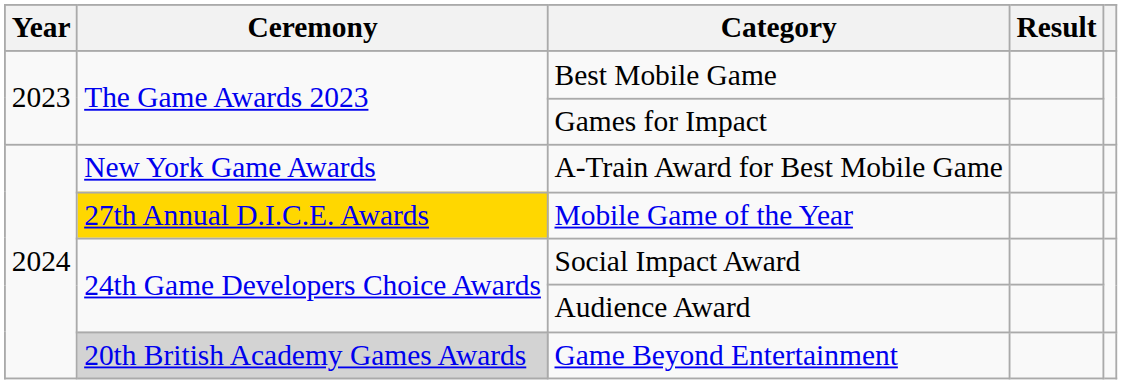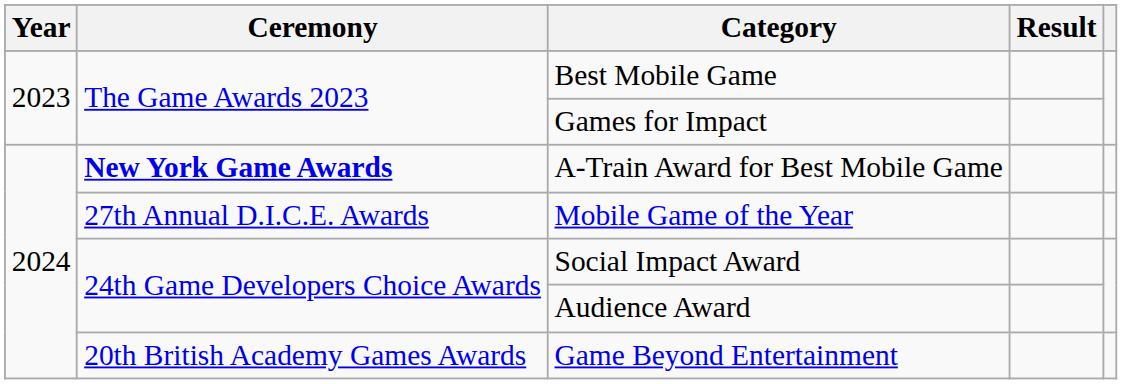 <table class="wikitable plainrowheaders sortable" width="auto">
 <tr>
 <th scope="col">Year</th>
 <th scope="col">Ceremony</th>
 <th scope="col">Category</th>
 <th scope="col">Result</th>
 <th scope="col" class="unsortable"></th>
 </tr>
 <tr>
 <td style="text-align:center;" rowspan="2">2023</td>
 <td rowspan="2"><a href='#'>The Game Awards 2023</a></td>
 <td>Best Mobile Game</td>
 <td></td>
 <td style="text-align:center;" rowspan="2"></td>
 </tr>
 <tr>
 <td>Games for Impact</td>
 <td></td>
 </tr>
 <tr>
 <td style="text-align:center;" rowspan="5">2024</td>
-<td><a href='#'>New York Game Awards</a></td>
+<td><strong><a href='#'>New York Game Awards</a></strong></td>
 <td>A-Train Award for Best Mobile Game</td>
 <td></td>
 <td style="text-align:center;"></td>
 </tr>
 <tr>
-<td style="background: gold;"><a href='#'>27th Annual D.I.C.E. Awards</a></td>
+<td><a href='#'>27th Annual D.I.C.E. Awards</a></td>
 <td><a href='#'>Mobile Game of the Year</a></td>
 <td></td>
 <td style="text-align:center;"></td>
 </tr>
 <tr>
 <td rowspan="2"><a href='#'>24th Game Developers Choice Awards</a></td>
 <td>Social Impact Award</td>
 <td></td>
 <td style="text-align:center;" rowspan="2"></td>
 </tr>
 <tr>
 <td>Audience Award</td>
 <td></td>
 </tr>
 <tr>
-<td style="background: lightgrey;"><a href='#'>20th British Academy Games Awards</a></td>
+<td><a href='#'>20th British Academy Games Awards</a></td>
 <td><a href='#'>Game Beyond Entertainment</a></td>
 <td></td>
 <td style="text-align:center;"></td>
 </tr>
 </table>
